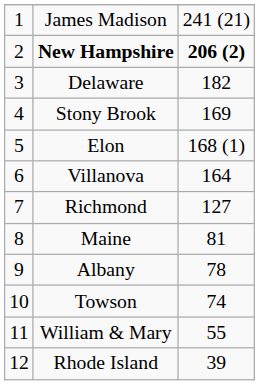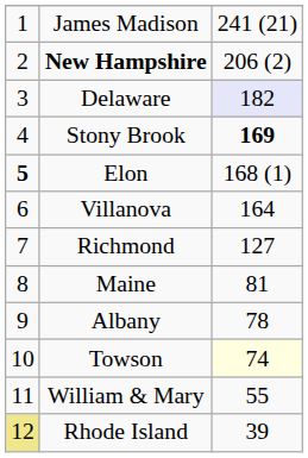 <table class="wikitable">
 <tr align="center">
 </tr>
 <tr align="center">
 <td>1</td>
 <td>James Madison</td>
 <td>241 (21)</td>
 </tr>
 <tr align="center">
 <td>2</td>
 <td><strong>New Hampshire</strong></td>
-<td><strong>206 (2)</strong></td>
+<td>206 (2)</td>
 </tr>
 <tr align="center">
 <td>3</td>
 <td>Delaware</td>
-<td>182</td>
+<td style="background: lavender;">182</td>
 </tr>
 <tr align="center">
 <td>4</td>
 <td>Stony Brook</td>
-<td>169</td>
+<td><strong>169</strong></td>
 </tr>
 <tr align="center">
-<td>5</td>
+<td><strong>5</strong></td>
 <td>Elon</td>
 <td>168 (1)</td>
 </tr>
 <tr align="center">
 <td>6</td>
 <td>Villanova</td>
 <td>164</td>
 </tr>
 <tr align="center">
 <td>7</td>
 <td>Richmond</td>
 <td>127</td>
 </tr>
 <tr align="center">
 <td>8</td>
 <td>Maine</td>
 <td>81</td>
 </tr>
 <tr align="center">
 <td>9</td>
 <td>Albany</td>
 <td>78</td>
 </tr>
 <tr align="center">
 <td>10</td>
 <td>Towson</td>
-<td>74</td>
+<td style="background: lightyellow;">74</td>
 </tr>
 <tr align="center">
 <td>11</td>
 <td>William & Mary</td>
 <td>55</td>
 </tr>
 <tr align="center">
-<td>12</td>
+<td style="background: khaki;">12</td>
 <td>Rhode Island</td>
 <td>39</td>
 </tr>
 </table>
